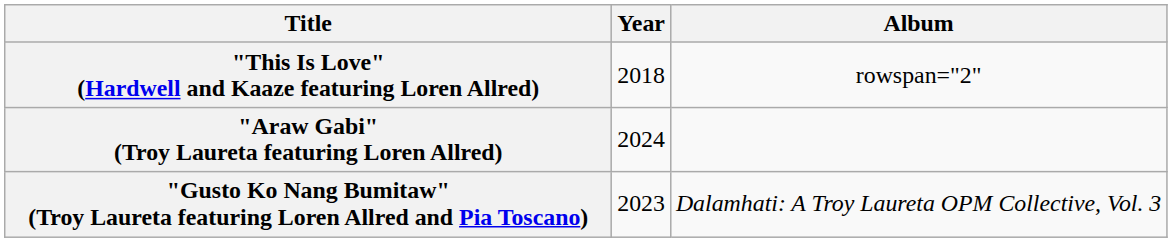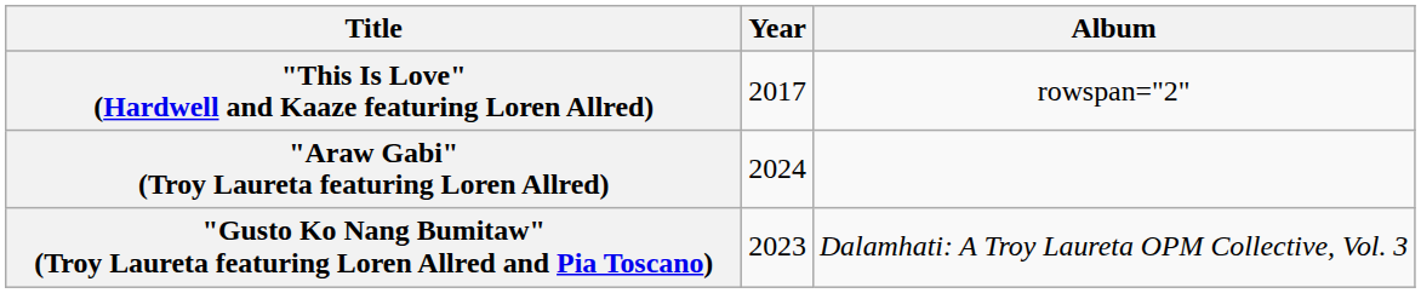 <table class="wikitable plainrowheaders" style="text-align:center;">
 <tr>
 <th scope="col" style="width:25em;">Title</th>
 <th scope="col" style="width:1em;">Year</th>
 <th scope="col">Album</th>
 </tr>
 <tr>
 <th scope="row">"This Is Love"<br><span>(<a href='#'>Hardwell</a> and Kaaze featuring Loren Allred)</span></th>
-<td>2018</td>
+<td>2017</td>
 <td>rowspan="2" </td>
 </tr>
 <tr>
 <th scope="row">"Araw Gabi"<br><span>(Troy Laureta featuring Loren Allred)</span></th>
 <td>2024</td>
 </tr>
 <tr>
 <th scope="row">"Gusto Ko Nang Bumitaw"<br><span>(Troy Laureta featuring Loren Allred and <a href='#'>Pia Toscano</a>)</span></th>
 <td>2023</td>
 <td><em>Dalamhati: A Troy Laureta OPM Collective, Vol. 3</em></td>
 </tr>
 </table>
